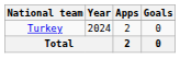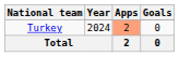 <table class="wikitable" style="text-align:center">
 <tr>
 <th>National team</th>
 <th>Year</th>
 <th>Apps</th>
 <th>Goals</th>
 </tr>
 <tr>
 <td rowspan="2"><a href='#'>Turkey</a></td>
 </tr>
 <tr>
 <td>2024</td>
-<td>2</td>
+<td style="background: lightsalmon;">2</td>
 <td>0</td>
 </tr>
 <tr>
 <th colspan="2">Total</th>
 <th>2</th>
 <th>0</th>
 </tr>
 </table>
